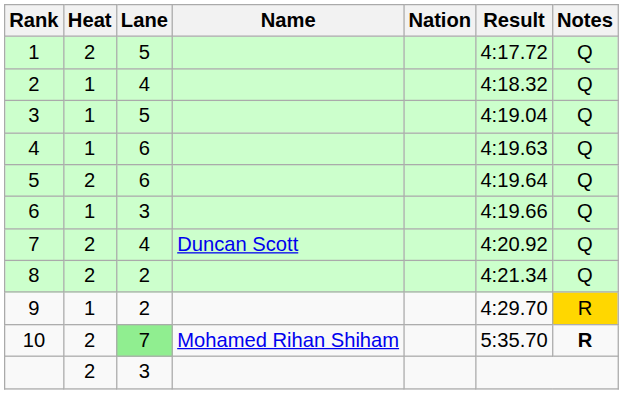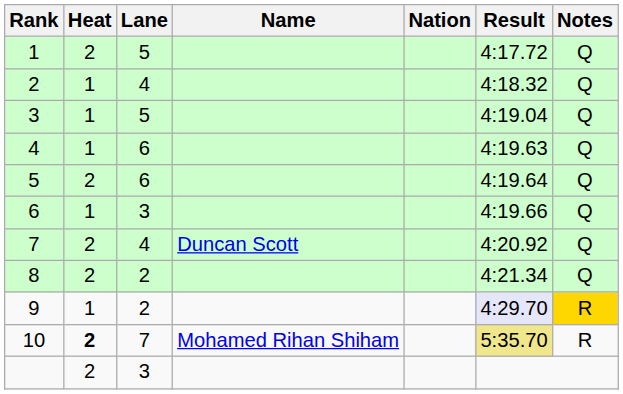 <table class="wikitable sortable" style="text-align:center">
 <tr>
 <th>Rank</th>
 <th>Heat</th>
 <th>Lane</th>
 <th>Name</th>
 <th>Nation</th>
 <th>Result</th>
 <th>Notes</th>
 </tr>
 <tr bgcolor=ccffcc>
 <td>1</td>
 <td>2</td>
 <td>5</td>
 <td align="left"></td>
 <td align=left></td>
 <td>4:17.72</td>
 <td>Q</td>
 </tr>
 <tr bgcolor=ccffcc>
 <td>2</td>
 <td>1</td>
 <td>4</td>
 <td align="left"></td>
 <td align=left></td>
 <td>4:18.32</td>
 <td>Q</td>
 </tr>
 <tr bgcolor=ccffcc>
 <td>3</td>
 <td>1</td>
 <td>5</td>
 <td align="left"></td>
 <td align=left></td>
 <td>4:19.04</td>
 <td>Q</td>
 </tr>
 <tr bgcolor=ccffcc>
 <td>4</td>
 <td>1</td>
 <td>6</td>
 <td align="left"></td>
 <td align=left></td>
 <td>4:19.63</td>
 <td>Q</td>
 </tr>
 <tr bgcolor=ccffcc>
 <td>5</td>
 <td>2</td>
 <td>6</td>
 <td align="left"></td>
 <td align=left></td>
 <td>4:19.64</td>
 <td>Q</td>
 </tr>
 <tr bgcolor=ccffcc>
 <td>6</td>
 <td>1</td>
 <td>3</td>
 <td align="left"></td>
 <td align=left></td>
 <td>4:19.66</td>
 <td>Q</td>
 </tr>
 <tr bgcolor=ccffcc>
 <td>7</td>
 <td>2</td>
 <td>4</td>
 <td align="left"><a href='#'>Duncan Scott</a></td>
 <td align=left></td>
 <td>4:20.92</td>
 <td>Q</td>
 </tr>
 <tr bgcolor=ccffcc>
 <td>8</td>
 <td>2</td>
 <td>2</td>
 <td align="left"></td>
 <td align=left></td>
 <td>4:21.34</td>
 <td>Q</td>
 </tr>
 <tr>
 <td>9</td>
 <td>1</td>
 <td>2</td>
 <td align="left"></td>
 <td align=left></td>
-<td>4:29.70</td>
+<td style="background: lavender;">4:29.70</td>
 <td style="background: gold;">R</td>
 </tr>
 <tr>
 <td>10</td>
-<td>2</td>
-<td style="background: lightgreen;">7</td>
+<td><strong>2</strong></td>
+<td>7</td>
 <td align="left"><a href='#'>Mohamed Rihan Shiham</a></td>
 <td align=left></td>
-<td>5:35.70</td>
-<td><strong>R</strong></td>
+<td style="background: khaki;">5:35.70</td>
+<td>R</td>
 </tr>
 <tr>
 <td></td>
 <td>2</td>
 <td>3</td>
 <td align="left"></td>
 <td align=left></td>
 <td colspan=2></td>
 </tr>
 </table>
